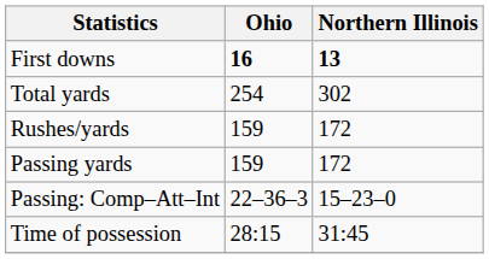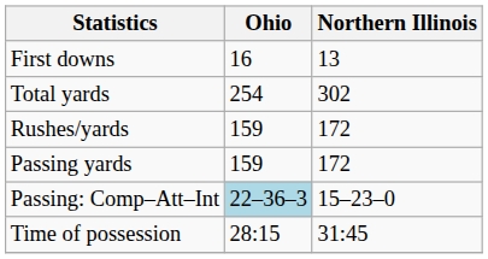 <table class="wikitable" style="float: left;">
 <tr>
 <th>Statistics</th>
 <th>Ohio</th>
 <th !>Northern Illinois</th>
 </tr>
 <tr>
 <td>First downs</td>
-<td><strong>16</strong></td>
-<td><strong>13</strong></td>
+<td>16</td>
+<td>13</td>
 </tr>
 <tr>
 <td>Total yards</td>
 <td>254</td>
 <td>302</td>
 </tr>
 <tr>
 <td>Rushes/yards</td>
 <td>159</td>
 <td>172</td>
 </tr>
 <tr>
 <td>Passing yards</td>
 <td>159</td>
 <td>172</td>
 </tr>
 <tr>
 <td>Passing: Comp–Att–Int</td>
-<td>22–36–3</td>
+<td style="background: lightblue;">22–36–3</td>
 <td>15–23–0</td>
 </tr>
 <tr>
 <td>Time of possession</td>
 <td>28:15</td>
 <td>31:45</td>
 </tr>
 <tr>
 </tr>
 </table>
